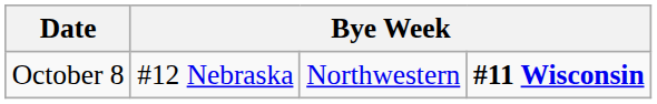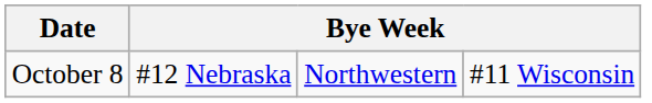 <table class="wikitable" style="font-size:95%;">
 <tr>
 <th>Date</th>
 <th colspan="3">Bye Week</th>
 </tr>
 <tr>
 <td>October 8</td>
 <td>#12 <a href='#'>Nebraska</a></td>
 <td><a href='#'>Northwestern</a></td>
-<td><strong>#11 <a href='#'>Wisconsin</a></strong></td>
+<td>#11 <a href='#'>Wisconsin</a></td>
 </tr>
 </table>
